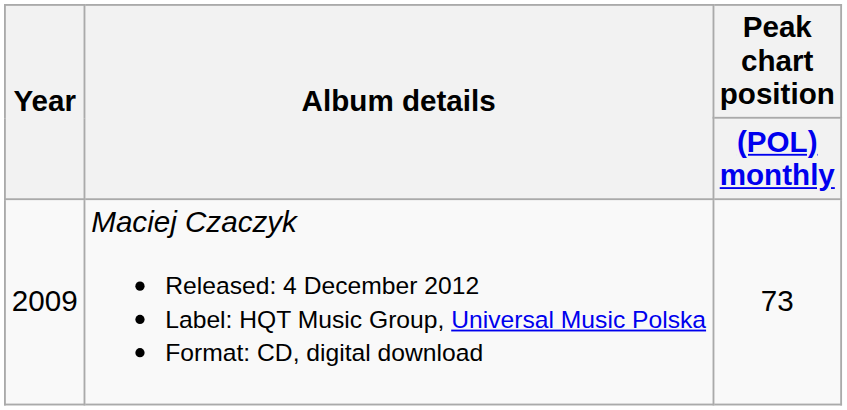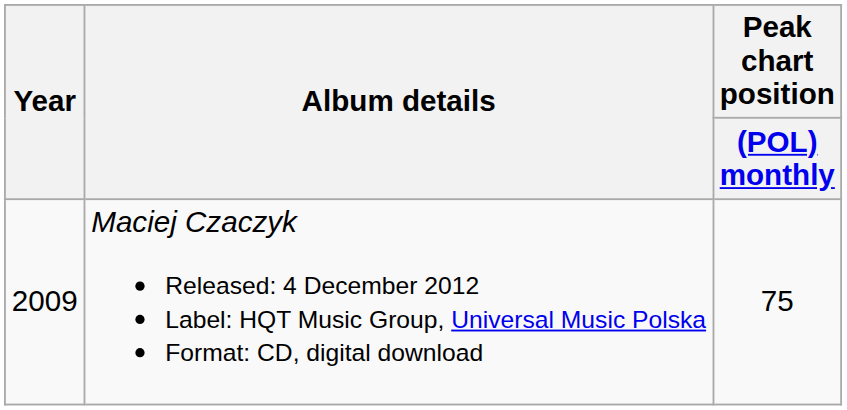 <table class="wikitable" style="text-align:center;">
 <tr>
 <th rowspan="2">Year</th>
 <th rowspan="2">Album details</th>
 <th colspan="1">Peak chart position</th>
 </tr>
 <tr>
 <th width="25"><a href='#'>(POL) monthly</a><br></th>
 </tr>
 <tr>
 <td>2009</td>
 <td align="left"><em>Maciej Czaczyk</em><br><ul><li><small>Released: 4 December 2012</small></li><li><small>Label: HQT Music Group, <a href='#'>Universal Music Polska</a></small></li><li><small>Format: CD, digital download</small></li></ul></td>
-<td>73</td>
+<td>75</td>
 </tr>
 </table>
